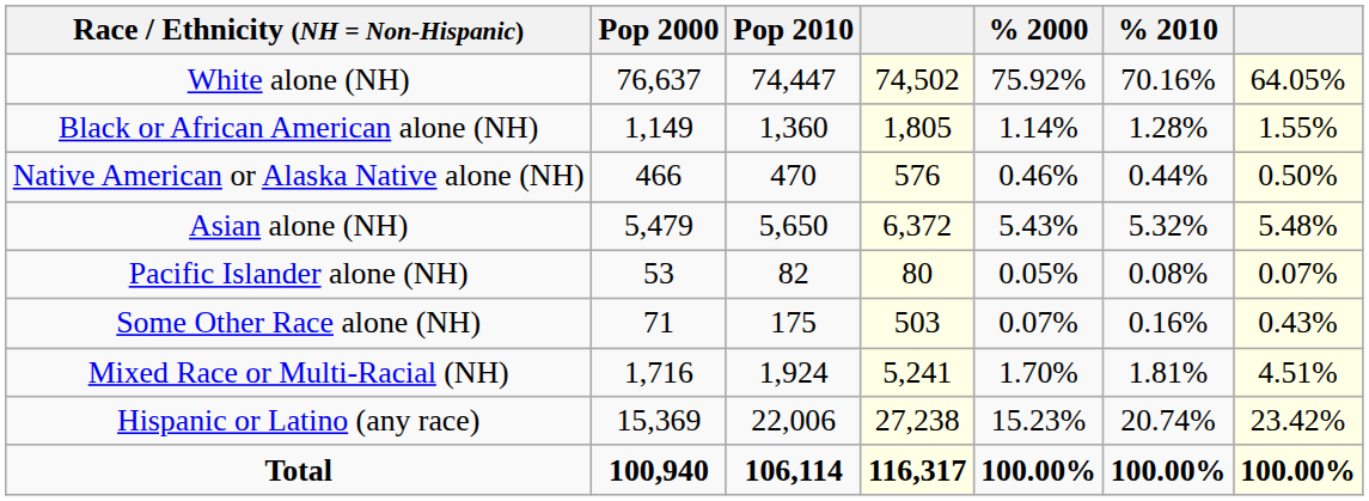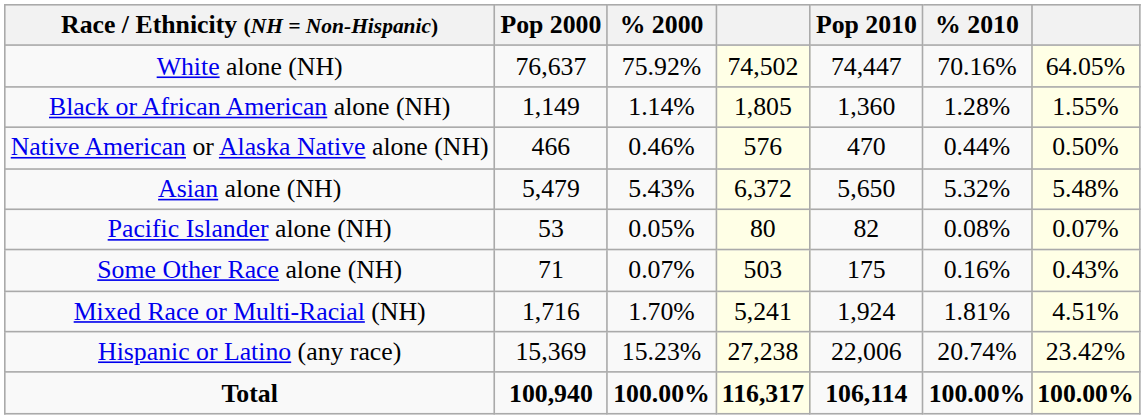 <table class="wikitable" style="text-align:center;">
 <tr>
 <th>Race / Ethnicity <small>(<em>NH = Non-Hispanic</em>)</small></th>
 <th>Pop 2000</th>
+<th>% 2000</th>
+<th></th>
 <th>Pop 2010</th>
-<th></th>
-<th>% 2000</th>
 <th>% 2010</th>
 <th></th>
 </tr>
 <tr>
 <td><a href='#'>White</a> alone (NH)</td>
 <td>76,637</td>
+<td>75.92%</td>
+<td style='background: #ffffe6;'>74,502</td>
 <td>74,447</td>
-<td style='background: #ffffe6;'>74,502</td>
-<td>75.92%</td>
 <td>70.16%</td>
 <td style='background: #ffffe6;'>64.05%</td>
 </tr>
 <tr>
 <td><a href='#'>Black or African American</a> alone (NH)</td>
 <td>1,149</td>
+<td>1.14%</td>
+<td style='background: #ffffe6;'>1,805</td>
 <td>1,360</td>
-<td style='background: #ffffe6;'>1,805</td>
-<td>1.14%</td>
 <td>1.28%</td>
 <td style='background: #ffffe6;'>1.55%</td>
 </tr>
 <tr>
 <td><a href='#'>Native American</a> or <a href='#'>Alaska Native</a> alone (NH)</td>
 <td>466</td>
+<td>0.46%</td>
+<td style='background: #ffffe6;'>576</td>
 <td>470</td>
-<td style='background: #ffffe6;'>576</td>
-<td>0.46%</td>
 <td>0.44%</td>
 <td style='background: #ffffe6;'>0.50%</td>
 </tr>
 <tr>
 <td><a href='#'>Asian</a> alone (NH)</td>
 <td>5,479</td>
+<td>5.43%</td>
+<td style='background: #ffffe6;'>6,372</td>
 <td>5,650</td>
-<td style='background: #ffffe6;'>6,372</td>
-<td>5.43%</td>
 <td>5.32%</td>
 <td style='background: #ffffe6;'>5.48%</td>
 </tr>
 <tr>
 <td><a href='#'>Pacific Islander</a> alone (NH)</td>
 <td>53</td>
+<td>0.05%</td>
+<td style='background: #ffffe6;'>80</td>
 <td>82</td>
-<td style='background: #ffffe6;'>80</td>
-<td>0.05%</td>
 <td>0.08%</td>
 <td style='background: #ffffe6;'>0.07%</td>
 </tr>
 <tr>
 <td><a href='#'>Some Other Race</a> alone (NH)</td>
 <td>71</td>
+<td>0.07%</td>
+<td style='background: #ffffe6;'>503</td>
 <td>175</td>
-<td style='background: #ffffe6;'>503</td>
-<td>0.07%</td>
 <td>0.16%</td>
 <td style='background: #ffffe6;'>0.43%</td>
 </tr>
 <tr>
 <td><a href='#'>Mixed Race or Multi-Racial</a> (NH)</td>
 <td>1,716</td>
+<td>1.70%</td>
+<td style='background: #ffffe6;'>5,241</td>
 <td>1,924</td>
-<td style='background: #ffffe6;'>5,241</td>
-<td>1.70%</td>
 <td>1.81%</td>
 <td style='background: #ffffe6;'>4.51%</td>
 </tr>
 <tr>
 <td><a href='#'>Hispanic or Latino</a> (any race)</td>
 <td>15,369</td>
+<td>15.23%</td>
+<td style='background: #ffffe6;'>27,238</td>
 <td>22,006</td>
-<td style='background: #ffffe6;'>27,238</td>
-<td>15.23%</td>
 <td>20.74%</td>
 <td style='background: #ffffe6;'>23.42%</td>
 </tr>
 <tr>
 <td><strong>Total</strong></td>
 <td><strong>100,940</strong></td>
+<td><strong>100.00%</strong></td>
+<td style='background: #ffffe6;'><strong>116,317</strong></td>
 <td><strong>106,114</strong></td>
-<td style='background: #ffffe6;'><strong>116,317</strong></td>
-<td><strong>100.00%</strong></td>
 <td><strong>100.00%</strong></td>
 <td style='background: #ffffe6;'><strong>100.00%</strong></td>
 </tr>
 </table>
